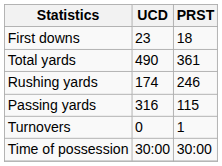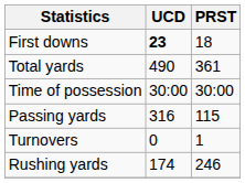 <table class="wikitable" style="float: left;">
 <tr>
 <th>Statistics</th>
 <th>UCD</th>
 <th>PRST</th>
 </tr>
 <tr>
 <td>First downs</td>
-<td>23</td>
+<td><strong>23</strong></td>
 <td>18</td>
 </tr>
 <tr>
 <td>Total yards</td>
 <td>490</td>
 <td>361</td>
 </tr>
 <tr>
-<td>Rushing yards</td>
-<td>174</td>
-<td>246</td>
+<td>Time of possession</td>
+<td>30:00</td>
+<td>30:00</td>
 </tr>
 <tr>
 <td>Passing yards</td>
 <td>316</td>
 <td>115</td>
 </tr>
 <tr>
 <td>Turnovers</td>
 <td>0</td>
 <td>1</td>
 </tr>
 <tr>
-<td>Time of possession</td>
-<td>30:00</td>
-<td>30:00</td>
+<td>Rushing yards</td>
+<td>174</td>
+<td>246</td>
 </tr>
 <tr>
 </tr>
 </table>
